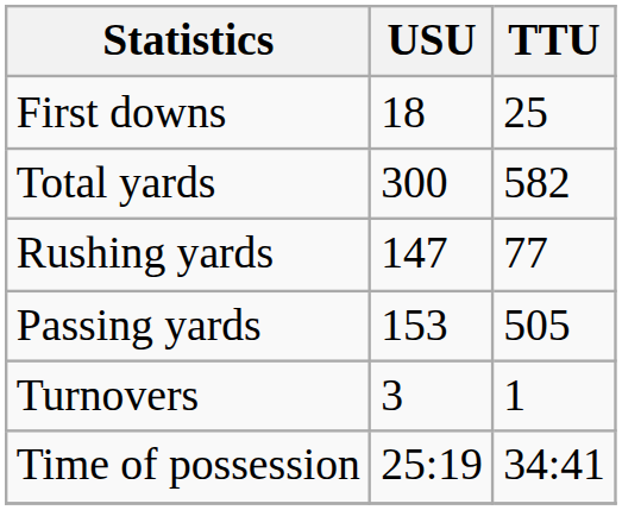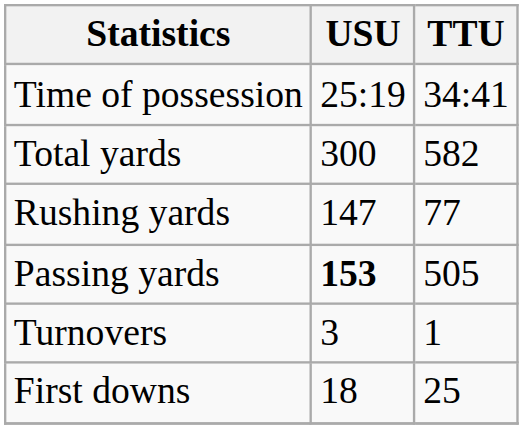 <table class="wikitable">
 <tr>
 <th>Statistics</th>
 <th>USU</th>
 <th>TTU</th>
 </tr>
 <tr>
-<td>First downs</td>
-<td>18</td>
-<td>25</td>
+<td>Time of possession</td>
+<td>25:19</td>
+<td>34:41</td>
 </tr>
 <tr>
 <td>Total yards</td>
 <td>300</td>
 <td>582</td>
 </tr>
 <tr>
 <td>Rushing yards</td>
 <td>147</td>
 <td>77</td>
 </tr>
 <tr>
 <td>Passing yards</td>
-<td>153</td>
+<td><strong>153</strong></td>
 <td>505</td>
 </tr>
 <tr>
 <td>Turnovers</td>
 <td>3</td>
 <td>1</td>
 </tr>
 <tr>
-<td>Time of possession</td>
-<td>25:19</td>
-<td>34:41</td>
+<td>First downs</td>
+<td>18</td>
+<td>25</td>
 </tr>
 <tr>
 </tr>
 </table>
